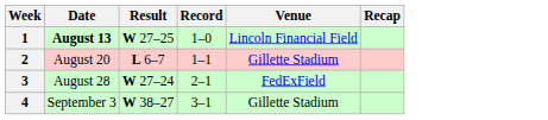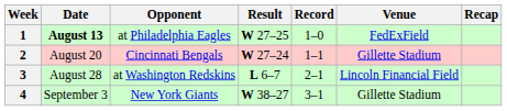 <table class="wikitable" style="text-align:center">
 <tr>
 <th>Week</th>
 <th>Date</th>
+<th>Opponent</th>
 <th>Result</th>
 <th>Record</th>
 <th>Venue</th>
 <th>Recap</th>
 </tr>
 <tr style="background:#cfc;">
 <th>1</th>
 <td><strong>August 13</strong></td>
+<td>at <a href='#'>Philadelphia Eagles</a></td>
 <td><strong>W</strong> 27–25</td>
 <td>1–0</td>
-<td><a href='#'>Lincoln Financial Field</a></td>
+<td><a href='#'>FedExField</a></td>
 <td></td>
 </tr>
 <tr style="background:#fcc;">
 <th>2</th>
 <td>August 20</td>
-<td><strong>L</strong> 6–7</td>
+<td><a href='#'>Cincinnati Bengals</a></td>
+<td><strong>W</strong> 27–24</td>
 <td>1–1</td>
 <td><a href='#'>Gillette Stadium</a></td>
 <td></td>
 </tr>
 <tr style="background:#cfc;">
 <th>3</th>
 <td>August 28</td>
-<td><strong>W</strong> 27–24</td>
+<td>at <a href='#'>Washington Redskins</a></td>
+<td><strong>L</strong> 6–7</td>
 <td style="text-align:center;">2–1</td>
-<td><a href='#'>FedExField</a></td>
+<td><a href='#'>Lincoln Financial Field</a></td>
 <td></td>
 </tr>
 <tr style="background:#cfc;">
 <th>4</th>
 <td>September 3</td>
+<td><a href='#'>New York Giants</a></td>
 <td><strong>W</strong> 38–27</td>
 <td style="text-align:center;">3–1</td>
 <td>Gillette Stadium</td>
 <td></td>
 </tr>
 </table>
